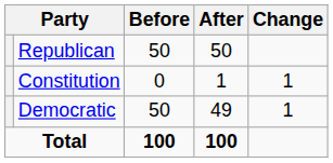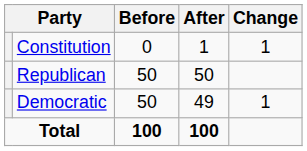 <table class="wikitable" style="text-align:center;">
 <tr>
 <th colspan="2">Party</th>
 <th>Before</th>
 <th>After</th>
 <th>Change</th>
 </tr>
 <tr>
 <th style="background-color:"></th>
+<td style="text-align:left;"><a href='#'>Constitution</a></td>
+<td>0</td>
+<td>1</td>
+<td> 1</td>
+</tr>
+<tr>
+<th style="background-color:"></th>
 <td style="text-align:left;"><a href='#'>Republican</a></td>
 <td>50</td>
 <td>50</td>
 <td></td>
-</tr>
-<tr>
-<th style="background-color:"></th>
-<td style="text-align:left;"><a href='#'>Constitution</a></td>
-<td>0</td>
-<td>1</td>
-<td> 1</td>
 </tr>
 <tr>
 <th style="background-color:"></th>
 <td style="text-align:left;"><a href='#'>Democratic</a></td>
 <td>50</td>
 <td>49</td>
 <td> 1</td>
 </tr>
 <tr>
 <td colspan="2"><strong>Total</strong></td>
 <td><strong>100</strong></td>
 <td><strong>100</strong></td>
 <td></td>
 </tr>
 </table>
